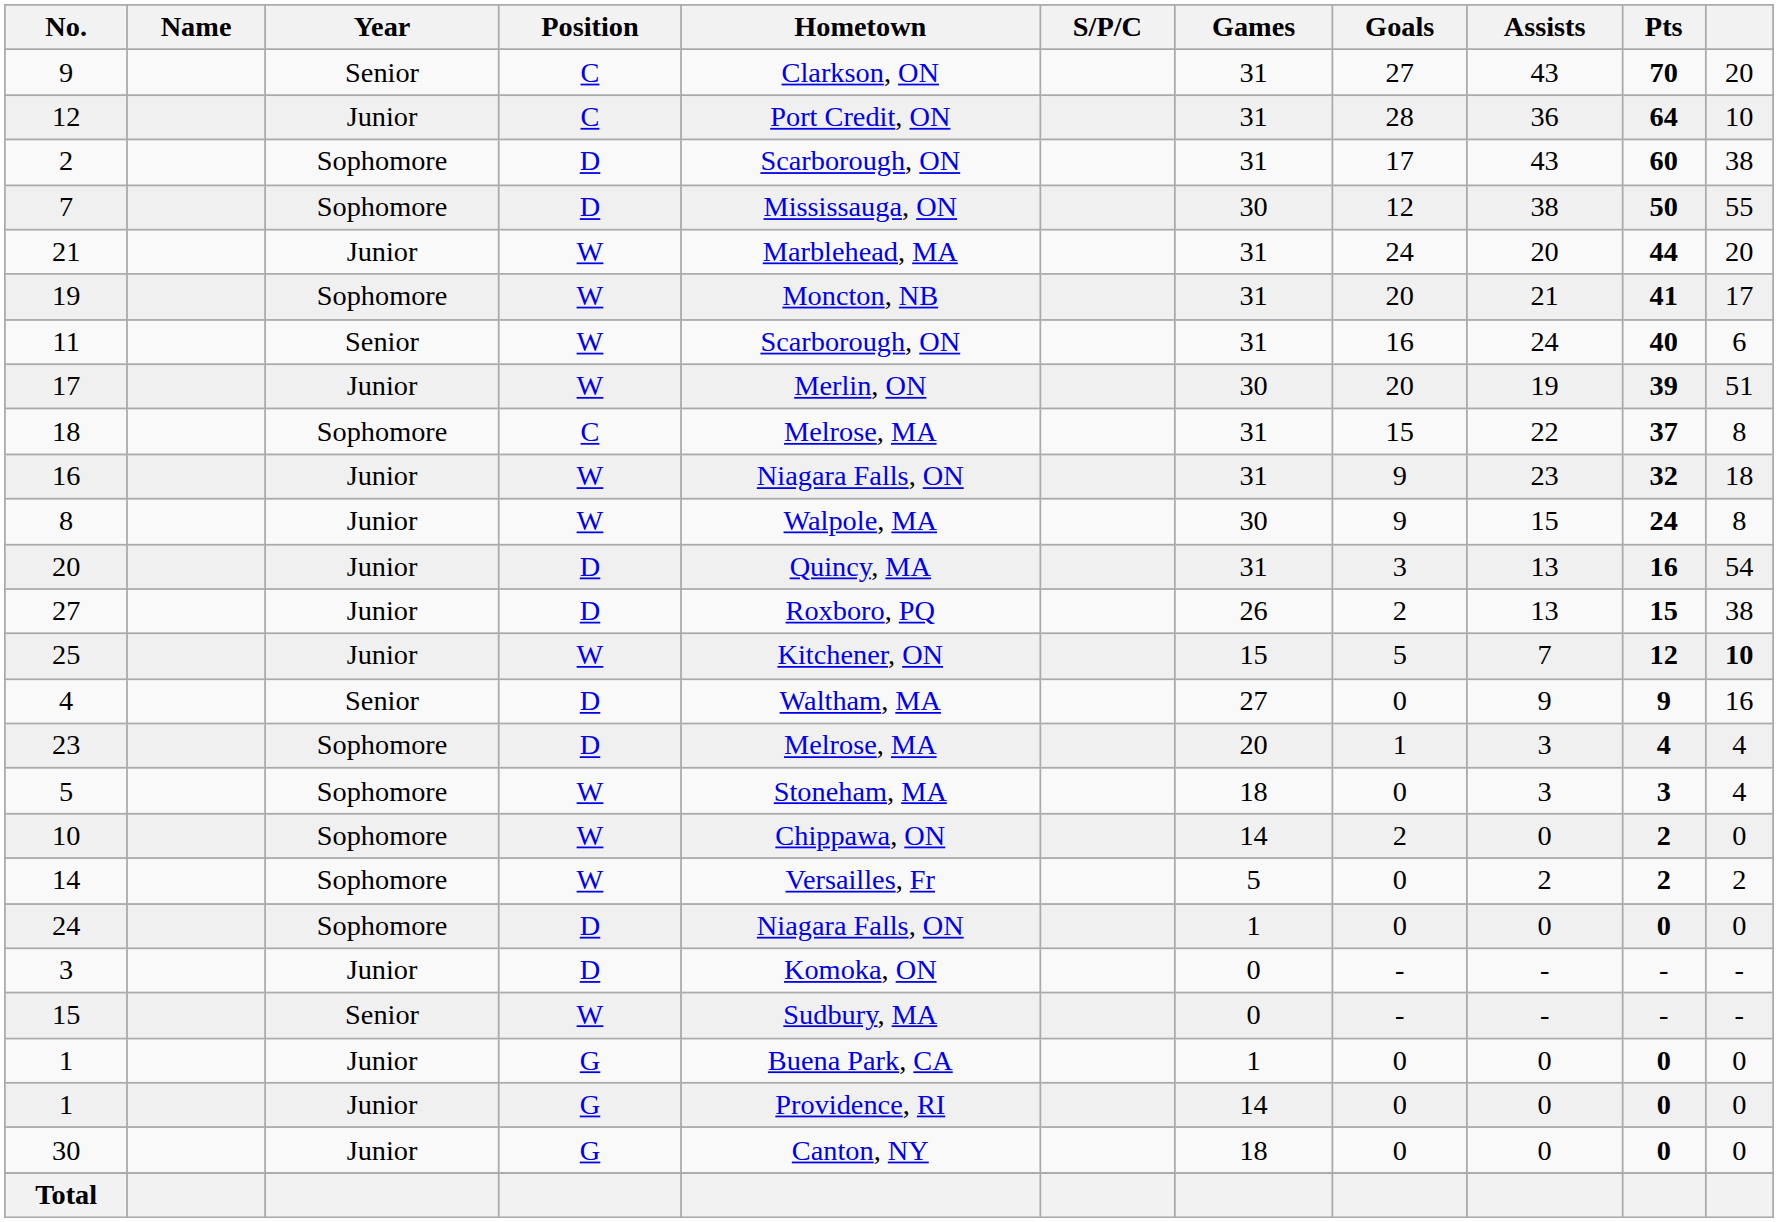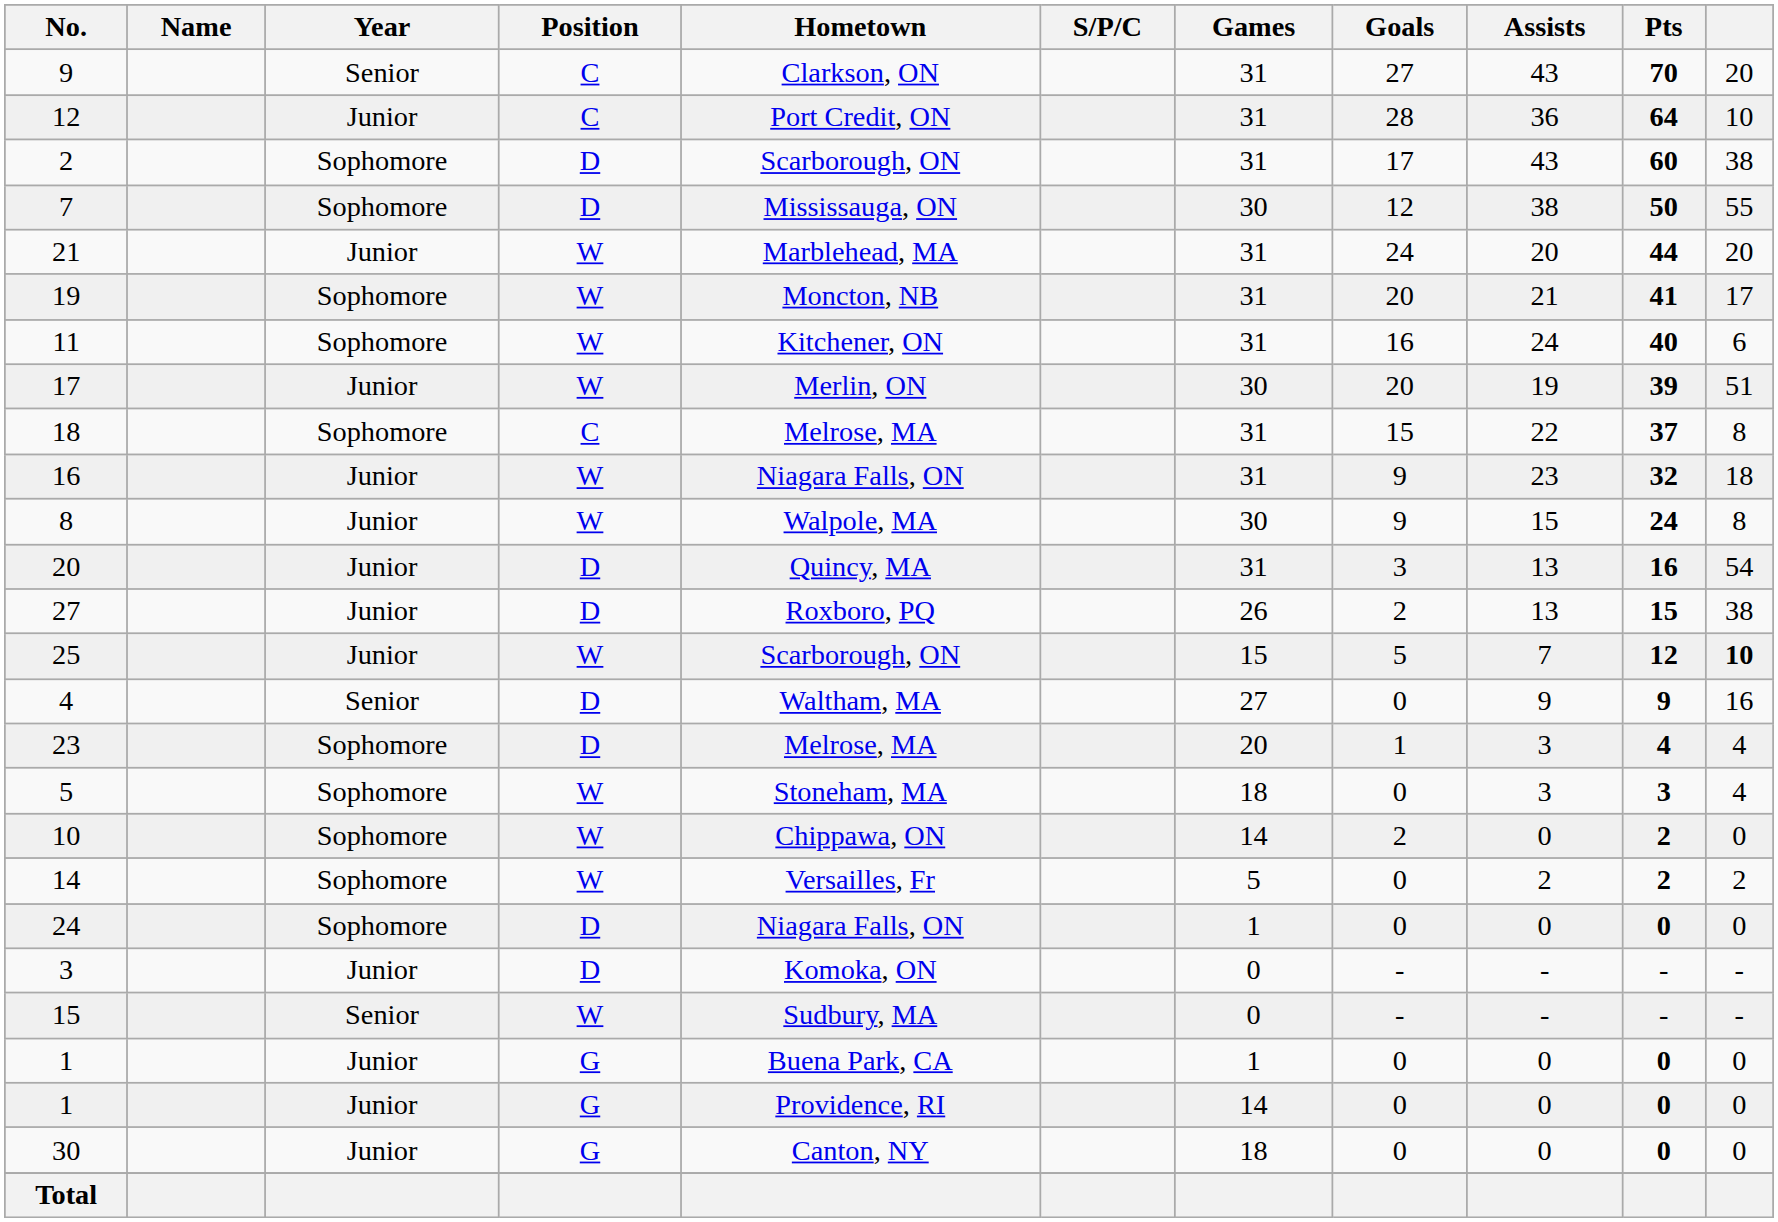 <table class="wikitable sortable" width ="1000">
 <tr align="center">
 <th><strong>No.</strong></th>
 <th><strong>Name</strong></th>
 <th><strong>Year</strong></th>
 <th><strong>Position</strong></th>
 <th><strong>Hometown</strong></th>
 <th><strong>S/P/C</strong></th>
 <th><strong>Games</strong></th>
 <th><strong>Goals</strong></th>
 <th><strong>Assists</strong></th>
 <th><strong>Pts</strong></th>
 <th><strong><a href='#'></a></strong></th>
 </tr>
 <tr align="center" bgcolor="">
 <td>9</td>
 <td></td>
 <td>Senior</td>
 <td><a href='#'>C</a></td>
 <td><a href='#'>Clarkson</a>, <a href='#'>ON</a></td>
 <td></td>
 <td>31</td>
 <td>27</td>
 <td>43</td>
 <td><strong>70</strong></td>
 <td>20</td>
 </tr>
 <tr align="center" bgcolor="#f0f0f0">
 <td>12</td>
 <td></td>
 <td>Junior</td>
 <td><a href='#'>C</a></td>
 <td><a href='#'>Port Credit</a>, <a href='#'>ON</a></td>
 <td></td>
 <td>31</td>
 <td>28</td>
 <td>36</td>
 <td><strong>64</strong></td>
 <td>10</td>
 </tr>
 <tr align="center">
 <td>2</td>
 <td></td>
 <td>Sophomore</td>
 <td><a href='#'>D</a></td>
 <td><a href='#'>Scarborough</a>, <a href='#'>ON</a></td>
 <td></td>
 <td>31</td>
 <td>17</td>
 <td>43</td>
 <td><strong>60</strong></td>
 <td>38</td>
 </tr>
 <tr align="center" bgcolor="#f0f0f0">
 <td>7</td>
 <td></td>
 <td>Sophomore</td>
 <td><a href='#'>D</a></td>
 <td><a href='#'>Mississauga</a>, <a href='#'>ON</a></td>
 <td></td>
 <td>30</td>
 <td>12</td>
 <td>38</td>
 <td><strong>50</strong></td>
 <td>55</td>
 </tr>
 <tr align="center">
 <td>21</td>
 <td></td>
 <td>Junior</td>
 <td><a href='#'>W</a></td>
 <td><a href='#'>Marblehead</a>, <a href='#'>MA</a></td>
 <td></td>
 <td>31</td>
 <td>24</td>
 <td>20</td>
 <td><strong>44</strong></td>
 <td>20</td>
 </tr>
 <tr align="center" bgcolor="#f0f0f0">
 <td>19</td>
 <td></td>
 <td>Sophomore</td>
 <td><a href='#'>W</a></td>
 <td><a href='#'>Moncton</a>, <a href='#'>NB</a></td>
 <td></td>
 <td>31</td>
 <td>20</td>
 <td>21</td>
 <td><strong>41</strong></td>
 <td>17</td>
 </tr>
 <tr align="center">
 <td>11</td>
 <td></td>
-<td>Senior</td>
+<td>Sophomore</td>
 <td><a href='#'>W</a></td>
-<td><a href='#'>Scarborough</a>, <a href='#'>ON</a></td>
+<td><a href='#'>Kitchener</a>, <a href='#'>ON</a></td>
 <td></td>
 <td>31</td>
 <td>16</td>
 <td>24</td>
 <td><strong>40</strong></td>
 <td>6</td>
 </tr>
 <tr align="center" bgcolor="#f0f0f0">
 <td>17</td>
 <td></td>
 <td>Junior</td>
 <td><a href='#'>W</a></td>
 <td><a href='#'>Merlin</a>, <a href='#'>ON</a></td>
 <td></td>
 <td>30</td>
 <td>20</td>
 <td>19</td>
 <td><strong>39</strong></td>
 <td>51</td>
 </tr>
 <tr align="center" 2>
 <td>18</td>
 <td></td>
 <td>Sophomore</td>
 <td><a href='#'>C</a></td>
 <td><a href='#'>Melrose</a>, <a href='#'>MA</a></td>
 <td></td>
 <td>31</td>
 <td>15</td>
 <td>22</td>
 <td><strong>37</strong></td>
 <td>8</td>
 </tr>
 <tr align="center" bgcolor="#f0f0f0">
 <td>16</td>
 <td></td>
 <td>Junior</td>
 <td><a href='#'>W</a></td>
 <td><a href='#'>Niagara Falls</a>, <a href='#'>ON</a></td>
 <td></td>
 <td>31</td>
 <td>9</td>
 <td>23</td>
 <td><strong>32</strong></td>
 <td>18</td>
 </tr>
 <tr align="center">
 <td>8</td>
 <td></td>
 <td>Junior</td>
 <td><a href='#'>W</a></td>
 <td><a href='#'>Walpole</a>, <a href='#'>MA</a></td>
 <td></td>
 <td>30</td>
 <td>9</td>
 <td>15</td>
 <td><strong>24</strong></td>
 <td>8</td>
 </tr>
 <tr align="center" bgcolor="#f0f0f0">
 <td>20</td>
 <td></td>
 <td>Junior</td>
 <td><a href='#'>D</a></td>
 <td><a href='#'>Quincy</a>, <a href='#'>MA</a></td>
 <td></td>
 <td>31</td>
 <td>3</td>
 <td>13</td>
 <td><strong>16</strong></td>
 <td>54</td>
 </tr>
 <tr align="center">
 <td>27</td>
 <td></td>
 <td>Junior</td>
 <td><a href='#'>D</a></td>
 <td><a href='#'>Roxboro</a>, <a href='#'>PQ</a></td>
 <td></td>
 <td>26</td>
 <td>2</td>
 <td>13</td>
 <td><strong>15</strong></td>
 <td>38</td>
 </tr>
 <tr align="center" bgcolor="#f0f0f0">
 <td>25</td>
 <td></td>
 <td>Junior</td>
 <td><a href='#'>W</a></td>
-<td><a href='#'>Kitchener</a>, <a href='#'>ON</a></td>
+<td><a href='#'>Scarborough</a>, <a href='#'>ON</a></td>
 <td></td>
 <td>15</td>
 <td>5</td>
 <td>7</td>
 <td><strong>12</strong></td>
 <td><strong>10</strong></td>
 </tr>
 <tr align="center">
 <td>4</td>
 <td></td>
 <td>Senior</td>
 <td><a href='#'>D</a></td>
 <td><a href='#'>Waltham</a>, <a href='#'>MA</a></td>
 <td></td>
 <td>27</td>
 <td>0</td>
 <td>9</td>
 <td><strong>9</strong></td>
 <td>16</td>
 </tr>
 <tr align="center" bgcolor="#f0f0f0">
 <td>23</td>
 <td></td>
 <td>Sophomore</td>
 <td><a href='#'>D</a></td>
 <td><a href='#'>Melrose</a>, <a href='#'>MA</a></td>
 <td></td>
 <td>20</td>
 <td>1</td>
 <td>3</td>
 <td><strong>4</strong></td>
 <td>4</td>
 </tr>
 <tr align="center">
 <td>5</td>
 <td></td>
 <td>Sophomore</td>
 <td><a href='#'>W</a></td>
 <td><a href='#'>Stoneham</a>, <a href='#'>MA</a></td>
 <td></td>
 <td>18</td>
 <td>0</td>
 <td>3</td>
 <td><strong>3</strong></td>
 <td>4</td>
 </tr>
 <tr align="center" bgcolor="#f0f0f0">
 <td>10</td>
 <td></td>
 <td>Sophomore</td>
 <td><a href='#'>W</a></td>
 <td><a href='#'>Chippawa</a>, <a href='#'>ON</a></td>
 <td></td>
 <td>14</td>
 <td>2</td>
 <td>0</td>
 <td><strong>2</strong></td>
 <td>0</td>
 </tr>
 <tr align="center">
 <td>14</td>
 <td></td>
 <td>Sophomore</td>
 <td><a href='#'>W</a></td>
 <td><a href='#'>Versailles</a>, <a href='#'>Fr</a></td>
 <td></td>
 <td>5</td>
 <td>0</td>
 <td>2</td>
 <td><strong>2</strong></td>
 <td>2</td>
 </tr>
 <tr align="center" bgcolor="#f0f0f0">
 <td>24</td>
 <td></td>
 <td>Sophomore</td>
 <td><a href='#'>D</a></td>
 <td><a href='#'>Niagara Falls</a>, <a href='#'>ON</a></td>
 <td></td>
 <td>1</td>
 <td>0</td>
 <td>0</td>
 <td><strong>0</strong></td>
 <td>0</td>
 </tr>
 <tr align="center">
 <td>3</td>
 <td></td>
 <td>Junior</td>
 <td><a href='#'>D</a></td>
 <td><a href='#'>Komoka</a>, <a href='#'>ON</a></td>
 <td></td>
 <td>0</td>
 <td>-</td>
 <td>-</td>
 <td>-</td>
 <td>-</td>
 </tr>
 <tr align="center" bgcolor="#f0f0f0">
 <td>15</td>
 <td></td>
 <td>Senior</td>
 <td><a href='#'>W</a></td>
 <td><a href='#'>Sudbury</a>, <a href='#'>MA</a></td>
 <td></td>
 <td>0</td>
 <td>-</td>
 <td>-</td>
 <td>-</td>
 <td>-</td>
 </tr>
 <tr align="center">
 <td>1</td>
 <td></td>
 <td>Junior</td>
 <td><a href='#'>G</a></td>
 <td><a href='#'>Buena Park</a>, <a href='#'>CA</a></td>
 <td></td>
 <td>1</td>
 <td>0</td>
 <td>0</td>
 <td><strong>0</strong></td>
 <td>0</td>
 </tr>
 <tr align="center" bgcolor="#f0f0f0">
 <td>1</td>
 <td></td>
 <td>Junior</td>
 <td><a href='#'>G</a></td>
 <td><a href='#'>Providence</a>, <a href='#'>RI</a></td>
 <td></td>
 <td>14</td>
 <td>0</td>
 <td>0</td>
 <td><strong>0</strong></td>
 <td>0</td>
 </tr>
 <tr align="center">
 <td>30</td>
 <td></td>
 <td>Junior</td>
 <td><a href='#'>G</a></td>
 <td><a href='#'>Canton</a>, <a href='#'>NY</a></td>
 <td></td>
 <td>18</td>
 <td>0</td>
 <td>0</td>
 <td><strong>0</strong></td>
 <td>0</td>
 </tr>
 <tr align="center" bgcolor="#f0f0f0">
 </tr>
 <tr>
 <th>Total</th>
 <th></th>
 <th></th>
 <th></th>
 <th></th>
 <th></th>
 <th></th>
 <th></th>
 <th></th>
 <th></th>
 <th></th>
 </tr>
 </table>
